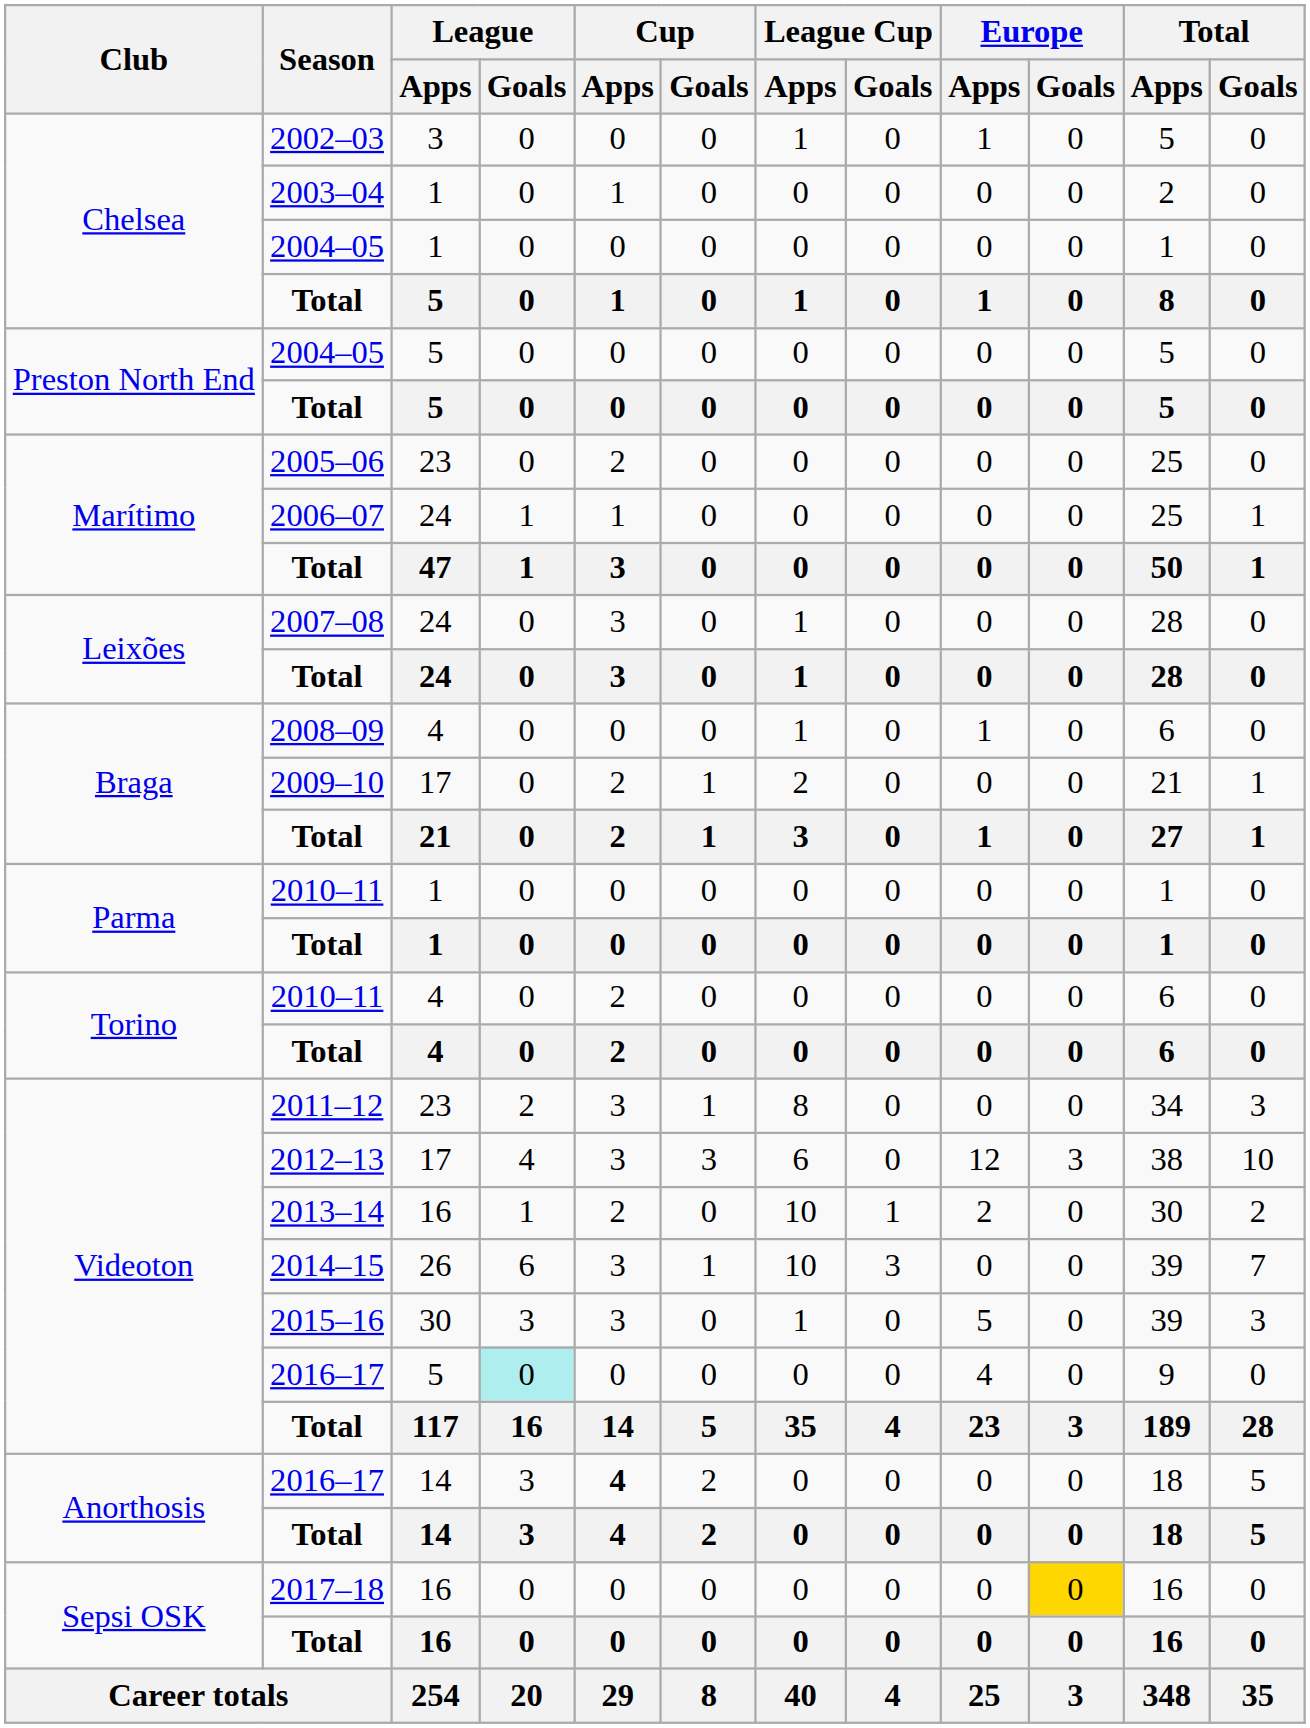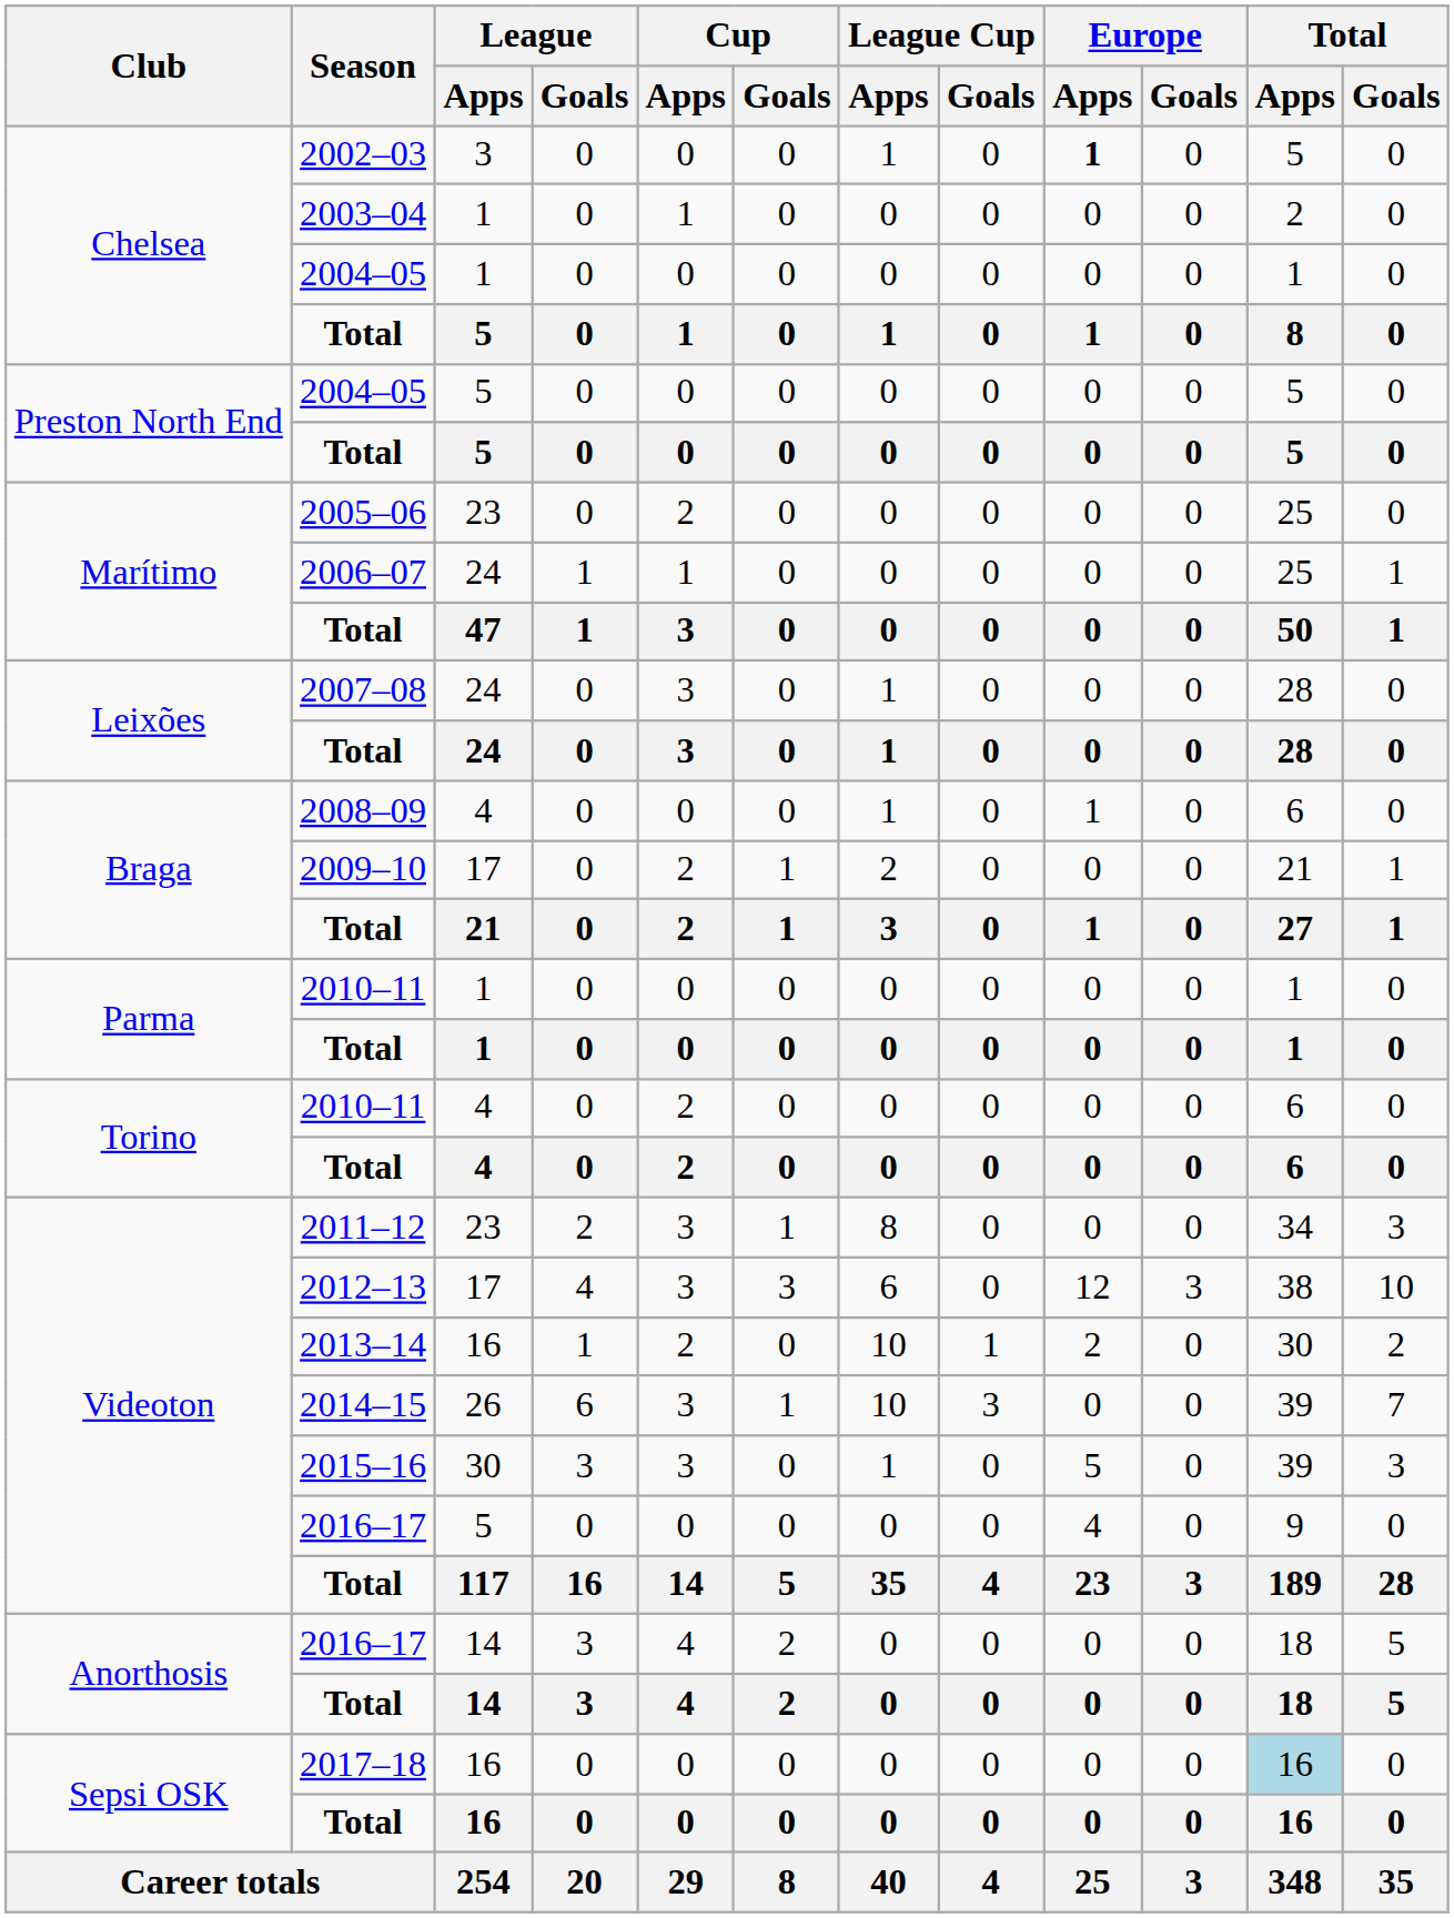 <table class="wikitable" style="font-size:90%; text-align: center;">
 <tr>
 <th rowspan="2">Club</th>
 <th rowspan="2">Season</th>
 <th colspan="2">League</th>
 <th colspan="2">Cup</th>
 <th colspan="2">League Cup</th>
 <th colspan="2"><a href='#'>Europe</a></th>
 <th colspan="2">Total</th>
 </tr>
 <tr>
 <th>Apps</th>
 <th>Goals</th>
 <th>Apps</th>
 <th>Goals</th>
 <th>Apps</th>
 <th>Goals</th>
 <th>Apps</th>
 <th>Goals</th>
 <th>Apps</th>
 <th>Goals</th>
 </tr>
 <tr>
 <td rowspan="4" align=center valign=center><a href='#'>Chelsea</a></td>
 <td !colspan="2"><a href='#'>2002–03</a></td>
 <td>3</td>
 <td>0</td>
 <td>0</td>
 <td>0</td>
 <td>1</td>
 <td>0</td>
-<td>1</td>
+<td><strong>1</strong></td>
 <td>0</td>
 <td>5</td>
 <td>0</td>
 </tr>
 <tr>
 <td !colspan="2"><a href='#'>2003–04</a></td>
 <td>1</td>
 <td>0</td>
 <td>1</td>
 <td>0</td>
 <td>0</td>
 <td>0</td>
 <td>0</td>
 <td>0</td>
 <td>2</td>
 <td>0</td>
 </tr>
 <tr>
 <td !colspan="2"><a href='#'>2004–05</a></td>
 <td>1</td>
 <td>0</td>
 <td>0</td>
 <td>0</td>
 <td>0</td>
 <td>0</td>
 <td>0</td>
 <td>0</td>
 <td>1</td>
 <td>0</td>
 </tr>
 <tr>
 <td !colspan="2"><strong>Total</strong></td>
 <th>5</th>
 <th>0</th>
 <th>1</th>
 <th>0</th>
 <th>1</th>
 <th>0</th>
 <th>1</th>
 <th>0</th>
 <th>8</th>
 <th>0</th>
 </tr>
 <tr>
 <td rowspan="2" align=center valign=center><a href='#'>Preston North End</a></td>
 <td !colspan="2"><a href='#'>2004–05</a></td>
 <td>5</td>
 <td>0</td>
 <td>0</td>
 <td>0</td>
 <td>0</td>
 <td>0</td>
 <td>0</td>
 <td>0</td>
 <td>5</td>
 <td>0</td>
 </tr>
 <tr>
 <td !colspan="2"><strong>Total</strong></td>
 <th>5</th>
 <th>0</th>
 <th>0</th>
 <th>0</th>
 <th>0</th>
 <th>0</th>
 <th>0</th>
 <th>0</th>
 <th>5</th>
 <th>0</th>
 </tr>
 <tr>
 <td rowspan="3" align=center valign=center><a href='#'>Marítimo</a></td>
 <td !colspan="2"><a href='#'>2005–06</a></td>
 <td>23</td>
 <td>0</td>
 <td>2</td>
 <td>0</td>
 <td>0</td>
 <td>0</td>
 <td>0</td>
 <td>0</td>
 <td>25</td>
 <td>0</td>
 </tr>
 <tr>
 <td !colspan="2"><a href='#'>2006–07</a></td>
 <td>24</td>
 <td>1</td>
 <td>1</td>
 <td>0</td>
 <td>0</td>
 <td>0</td>
 <td>0</td>
 <td>0</td>
 <td>25</td>
 <td>1</td>
 </tr>
 <tr>
 <td !colspan="2"><strong>Total</strong></td>
 <th>47</th>
 <th>1</th>
 <th>3</th>
 <th>0</th>
 <th>0</th>
 <th>0</th>
 <th>0</th>
 <th>0</th>
 <th>50</th>
 <th>1</th>
 </tr>
 <tr>
 <td rowspan="2" align=center valign=center><a href='#'>Leixões</a></td>
 <td !colspan="2"><a href='#'>2007–08</a></td>
 <td>24</td>
 <td>0</td>
 <td>3</td>
 <td>0</td>
 <td>1</td>
 <td>0</td>
 <td>0</td>
 <td>0</td>
 <td>28</td>
 <td>0</td>
 </tr>
 <tr>
 <td !colspan="2"><strong>Total</strong></td>
 <th>24</th>
 <th>0</th>
 <th>3</th>
 <th>0</th>
 <th>1</th>
 <th>0</th>
 <th>0</th>
 <th>0</th>
 <th>28</th>
 <th>0</th>
 </tr>
 <tr>
 <td rowspan="3" align=center valign=center><a href='#'>Braga</a></td>
 <td !colspan="2"><a href='#'>2008–09</a></td>
 <td>4</td>
 <td>0</td>
 <td>0</td>
 <td>0</td>
 <td>1</td>
 <td>0</td>
 <td>1</td>
 <td>0</td>
 <td>6</td>
 <td>0</td>
 </tr>
 <tr>
 <td !colspan="2"><a href='#'>2009–10</a></td>
 <td>17</td>
 <td>0</td>
 <td>2</td>
 <td>1</td>
 <td>2</td>
 <td>0</td>
 <td>0</td>
 <td>0</td>
 <td>21</td>
 <td>1</td>
 </tr>
 <tr>
 <td !colspan="2"><strong>Total</strong></td>
 <th>21</th>
 <th>0</th>
 <th>2</th>
 <th>1</th>
 <th>3</th>
 <th>0</th>
 <th>1</th>
 <th>0</th>
 <th>27</th>
 <th>1</th>
 </tr>
 <tr>
 <td rowspan="2" align=center valign=center><a href='#'>Parma</a></td>
 <td !colspan="2"><a href='#'>2010–11</a></td>
 <td>1</td>
 <td>0</td>
 <td>0</td>
 <td>0</td>
 <td>0</td>
 <td>0</td>
 <td>0</td>
 <td>0</td>
 <td>1</td>
 <td>0</td>
 </tr>
 <tr>
 <td !colspan="2"><strong>Total</strong></td>
 <th>1</th>
 <th>0</th>
 <th>0</th>
 <th>0</th>
 <th>0</th>
 <th>0</th>
 <th>0</th>
 <th>0</th>
 <th>1</th>
 <th>0</th>
 </tr>
 <tr>
 <td rowspan="2" align=center valign=center><a href='#'>Torino</a></td>
 <td !colspan="2"><a href='#'>2010–11</a></td>
 <td>4</td>
 <td>0</td>
 <td>2</td>
 <td>0</td>
 <td>0</td>
 <td>0</td>
 <td>0</td>
 <td>0</td>
 <td>6</td>
 <td>0</td>
 </tr>
 <tr>
 <td !colspan="2"><strong>Total</strong></td>
 <th>4</th>
 <th>0</th>
 <th>2</th>
 <th>0</th>
 <th>0</th>
 <th>0</th>
 <th>0</th>
 <th>0</th>
 <th>6</th>
 <th>0</th>
 </tr>
 <tr>
 <td rowspan="7" align=center valign=center><a href='#'>Videoton</a></td>
 <td !colspan="2"><a href='#'>2011–12</a></td>
 <td>23</td>
 <td>2</td>
 <td>3</td>
 <td>1</td>
 <td>8</td>
 <td>0</td>
 <td>0</td>
 <td>0</td>
 <td>34</td>
 <td>3</td>
 </tr>
 <tr>
 <td !colspan="2"><a href='#'>2012–13</a></td>
 <td>17</td>
 <td>4</td>
 <td>3</td>
 <td>3</td>
 <td>6</td>
 <td>0</td>
 <td>12</td>
 <td>3</td>
 <td>38</td>
 <td>10</td>
 </tr>
 <tr>
 <td !colspan="2"><a href='#'>2013–14</a></td>
 <td>16</td>
 <td>1</td>
 <td>2</td>
 <td>0</td>
 <td>10</td>
 <td>1</td>
 <td>2</td>
 <td>0</td>
 <td>30</td>
 <td>2</td>
 </tr>
 <tr>
 <td !colspan="2"><a href='#'>2014–15</a></td>
 <td>26</td>
 <td>6</td>
 <td>3</td>
 <td>1</td>
 <td>10</td>
 <td>3</td>
 <td>0</td>
 <td>0</td>
 <td>39</td>
 <td>7</td>
 </tr>
 <tr>
 <td !colspan="2"><a href='#'>2015–16</a></td>
 <td>30</td>
 <td>3</td>
 <td>3</td>
 <td>0</td>
 <td>1</td>
 <td>0</td>
 <td>5</td>
 <td>0</td>
 <td>39</td>
 <td>3</td>
 </tr>
 <tr>
 <td !colspan="2"><a href='#'>2016–17</a></td>
 <td>5</td>
-<td style="background: paleturquoise;">0</td>
+<td>0</td>
 <td>0</td>
 <td>0</td>
 <td>0</td>
 <td>0</td>
 <td>4</td>
 <td>0</td>
 <td>9</td>
 <td>0</td>
 </tr>
 <tr>
 <td !colspan="2"><strong>Total</strong></td>
 <th>117</th>
 <th>16</th>
 <th>14</th>
 <th>5</th>
 <th>35</th>
 <th>4</th>
 <th>23</th>
 <th>3</th>
 <th>189</th>
 <th>28</th>
 </tr>
 <tr>
 <td rowspan="2" align=center valign=center><a href='#'>Anorthosis</a></td>
 <td !colspan="2"><a href='#'>2016–17</a></td>
 <td>14</td>
 <td>3</td>
-<td><strong>4</strong></td>
+<td>4</td>
 <td>2</td>
 <td>0</td>
 <td>0</td>
 <td>0</td>
 <td>0</td>
 <td>18</td>
 <td>5</td>
 </tr>
 <tr>
 <td !colspan="2"><strong>Total</strong></td>
 <th>14</th>
 <th>3</th>
 <th>4</th>
 <th>2</th>
 <th>0</th>
 <th>0</th>
 <th>0</th>
 <th>0</th>
 <th>18</th>
 <th>5</th>
 </tr>
 <tr>
 <td rowspan="2" align=center valign=center><a href='#'>Sepsi OSK</a></td>
 <td !colspan="2"><a href='#'>2017–18</a></td>
 <td>16</td>
 <td>0</td>
 <td>0</td>
 <td>0</td>
 <td>0</td>
 <td>0</td>
 <td>0</td>
-<td style="background: gold;">0</td>
-<td>16</td>
+<td>0</td>
+<td style="background: lightblue;">16</td>
 <td>0</td>
 </tr>
 <tr>
 <td !colspan="2"><strong>Total</strong></td>
 <th>16</th>
 <th>0</th>
 <th>0</th>
 <th>0</th>
 <th>0</th>
 <th>0</th>
 <th>0</th>
 <th>0</th>
 <th>16</th>
 <th>0</th>
 </tr>
 <tr>
 <th colspan="2">Career totals</th>
 <th>254</th>
 <th>20</th>
 <th>29</th>
 <th>8</th>
 <th>40</th>
 <th>4</th>
 <th>25</th>
 <th>3</th>
 <th>348</th>
 <th>35</th>
 </tr>
 </table>
